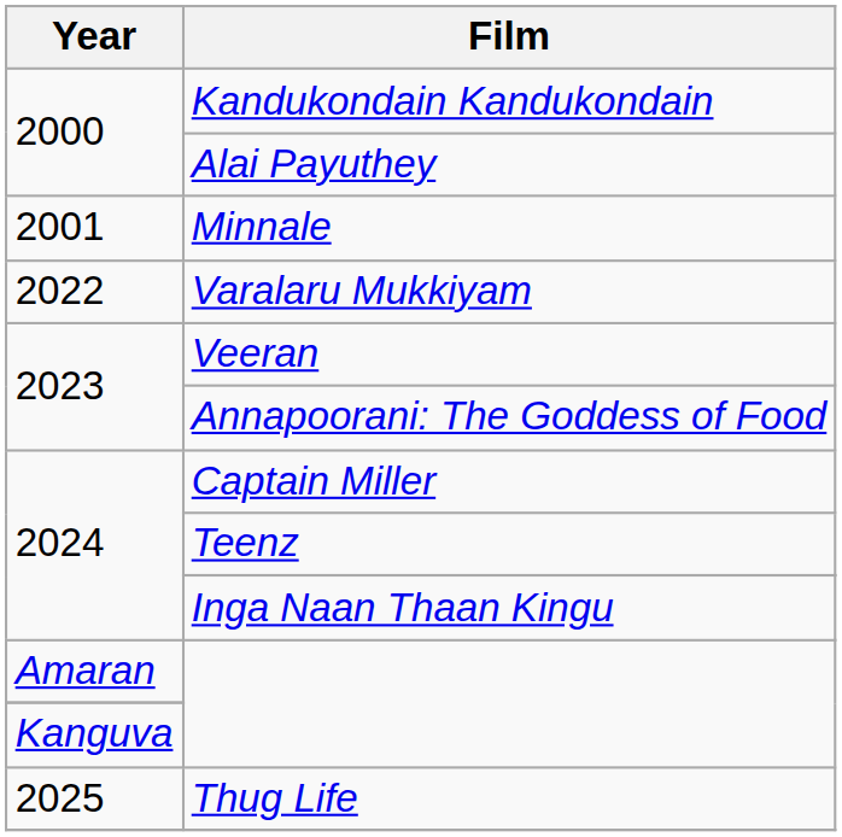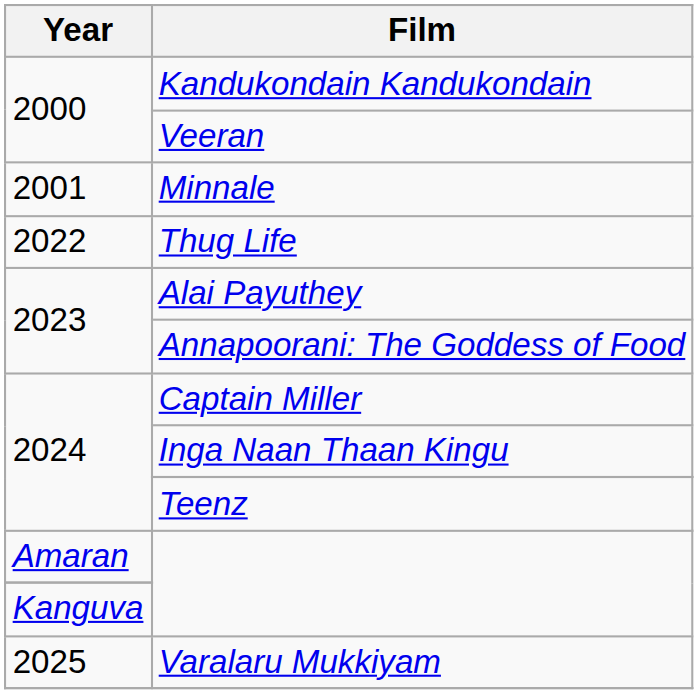 <table class="wikitable sortable">
 <tr>
 <th>Year</th>
 <th>Film</th>
 </tr>
 <tr>
 <td rowspan="2">2000</td>
 <td><em><a href='#'>Kandukondain Kandukondain</a></em></td>
 </tr>
 <tr>
-<td><em><a href='#'>Alai Payuthey</a></em></td>
+<td><em><a href='#'>Veeran</a></em></td>
 </tr>
 <tr>
 <td>2001</td>
 <td><em><a href='#'>Minnale</a></em></td>
 </tr>
 <tr>
 <td>2022</td>
-<td><em><a href='#'>Varalaru Mukkiyam</a></em></td>
+<td><em><a href='#'>Thug Life</a></em></td>
 </tr>
 <tr>
 <td rowspan="2">2023</td>
-<td><em><a href='#'>Veeran</a></em></td>
+<td><em><a href='#'>Alai Payuthey</a></em></td>
 </tr>
 <tr>
 <td><em><a href='#'>Annapoorani: The Goddess of Food</a></em></td>
 </tr>
 <tr>
 <td rowspan="5">2024</td>
 <td><em><a href='#'>Captain Miller</a></em></td>
 </tr>
 <tr>
-<td><em><a href='#'>Teenz</a></em></td>
+<td><em><a href='#'>Inga Naan Thaan Kingu</a></em></td>
 </tr>
 <tr>
 </tr>
 <tr>
-<td><em><a href='#'>Inga Naan Thaan Kingu</a></em></td>
+<td><em><a href='#'>Teenz</a></em></td>
 </tr>
 <tr>
 </tr>
 <tr>
 <td><em><a href='#'>Amaran</a></em></td>
 </tr>
 <tr>
 </tr>
 <tr>
 <td><em><a href='#'>Kanguva</a></em></td>
 </tr>
 <tr>
 <td rowspan="1">2025</td>
-<td><em><a href='#'>Thug Life</a></em></td>
+<td><em><a href='#'>Varalaru Mukkiyam</a></em></td>
 </tr>
 <tr>
 </tr>
 </table>
